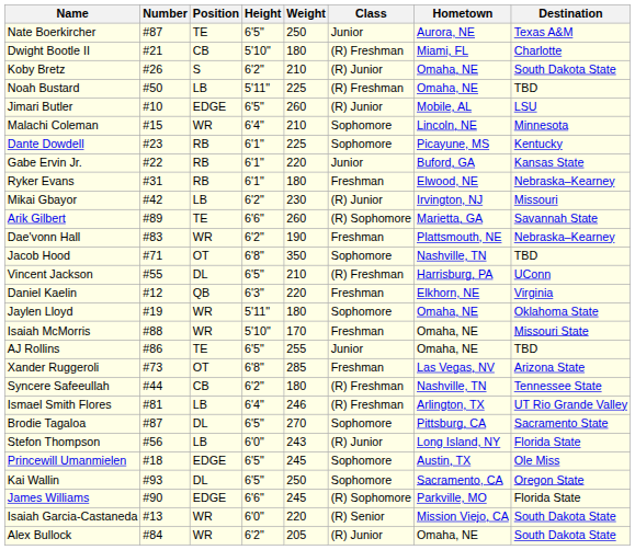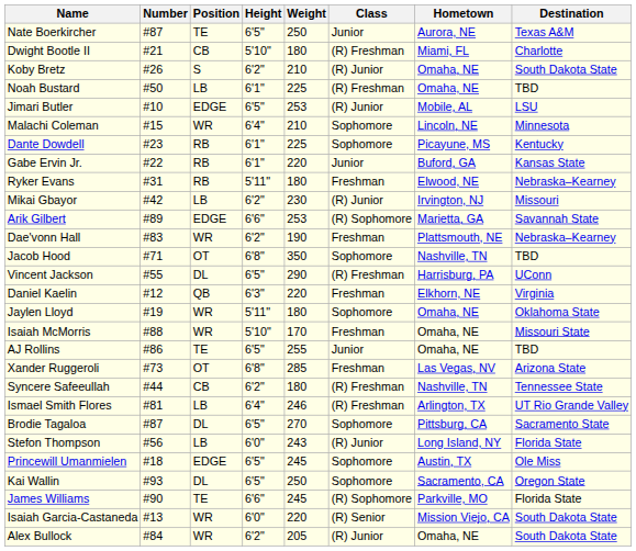 <table class="wikitable sortable">
 <tr>
 <th>Name</th>
 <th>Number</th>
 <th>Position</th>
 <th>Height</th>
 <th>Weight</th>
 <th>Class</th>
 <th>Hometown</th>
 <th>Destination</th>
 </tr>
 <tr style="background:#FFFFE6;">
 <td>Nate Boerkircher</td>
 <td>#87</td>
 <td>TE</td>
 <td>6'5"</td>
 <td>250</td>
 <td>Junior</td>
 <td><a href='#'>Aurora, NE</a></td>
 <td><a href='#'>Texas A&M</a></td>
 </tr>
 <tr style="background:#FFFFE6;">
 <td>Dwight Bootle II</td>
 <td>#21</td>
 <td>CB</td>
 <td>5'10"</td>
 <td>180</td>
 <td>(R) Freshman</td>
 <td><a href='#'>Miami, FL</a></td>
 <td><a href='#'>Charlotte</a></td>
 </tr>
 <tr style="background:#FFFFE6;">
 <td>Koby Bretz</td>
 <td>#26</td>
 <td>S</td>
 <td>6'2"</td>
 <td>210</td>
 <td>(R) Junior</td>
 <td><a href='#'>Omaha, NE</a></td>
 <td><a href='#'>South Dakota State</a></td>
 </tr>
 <tr style="background:#FFFFE6;">
 <td>Noah Bustard</td>
 <td>#50</td>
 <td>LB</td>
-<td>5'11"</td>
+<td>6'1"</td>
 <td>225</td>
 <td>(R) Freshman</td>
 <td><a href='#'>Omaha, NE</a></td>
 <td>TBD</td>
 </tr>
 <tr style="background:#FFFFE6;">
 <td>Jimari Butler</td>
 <td>#10</td>
 <td>EDGE</td>
 <td>6'5"</td>
-<td>260</td>
+<td>253</td>
 <td>(R) Junior</td>
 <td><a href='#'>Mobile, AL</a></td>
 <td><a href='#'>LSU</a></td>
 </tr>
 <tr style="background:#FFFFE6;">
 <td>Malachi Coleman</td>
 <td>#15</td>
 <td>WR</td>
 <td>6'4"</td>
 <td>210</td>
 <td>Sophomore</td>
 <td><a href='#'>Lincoln, NE</a></td>
 <td><a href='#'>Minnesota</a></td>
 </tr>
 <tr style="background:#FFFFE6;">
 <td><a href='#'>Dante Dowdell</a></td>
 <td>#23</td>
 <td>RB</td>
 <td>6'1"</td>
 <td>225</td>
 <td>Sophomore</td>
 <td><a href='#'>Picayune, MS</a></td>
 <td><a href='#'>Kentucky</a></td>
 </tr>
 <tr style="background:#FFFFE6;">
 <td>Gabe Ervin Jr.</td>
 <td>#22</td>
 <td>RB</td>
 <td>6'1"</td>
 <td>220</td>
 <td>Junior</td>
 <td><a href='#'>Buford, GA</a></td>
 <td><a href='#'>Kansas State</a></td>
 </tr>
 <tr style="background:#FFFFE6;">
 <td>Ryker Evans</td>
 <td>#31</td>
 <td>RB</td>
-<td>6'1"</td>
+<td>5'11"</td>
 <td>180</td>
 <td>Freshman</td>
 <td><a href='#'>Elwood, NE</a></td>
 <td><a href='#'>Nebraska–Kearney</a></td>
 </tr>
 <tr style="background:#FFFFE6;">
 <td>Mikai Gbayor</td>
 <td>#42</td>
 <td>LB</td>
 <td>6'2"</td>
 <td>230</td>
 <td>(R) Junior</td>
 <td><a href='#'>Irvington, NJ</a></td>
 <td><a href='#'>Missouri</a></td>
 </tr>
 <tr style="background:#FFFFE6;">
 <td><a href='#'>Arik Gilbert</a></td>
 <td>#89</td>
-<td>TE</td>
+<td>EDGE</td>
 <td>6'6"</td>
-<td>260</td>
+<td>253</td>
 <td>(R) Sophomore</td>
 <td><a href='#'>Marietta, GA</a></td>
 <td><a href='#'>Savannah State</a></td>
 </tr>
 <tr style="background:#FFFFE6;">
 <td>Dae'vonn Hall</td>
 <td>#83</td>
 <td>WR</td>
 <td>6'2"</td>
 <td>190</td>
 <td>Freshman</td>
 <td><a href='#'>Plattsmouth, NE</a></td>
 <td><a href='#'>Nebraska–Kearney</a></td>
 </tr>
 <tr style="background:#FFFFE6;">
 <td>Jacob Hood</td>
 <td>#71</td>
 <td>OT</td>
 <td>6'8"</td>
 <td>350</td>
 <td>Sophomore</td>
 <td><a href='#'>Nashville, TN</a></td>
 <td>TBD</td>
 </tr>
 <tr style="background:#FFFFE6;">
 <td>Vincent Jackson</td>
 <td>#55</td>
 <td>DL</td>
 <td>6'5"</td>
-<td>210</td>
+<td>290</td>
 <td>(R) Freshman</td>
 <td><a href='#'>Harrisburg, PA</a></td>
 <td><a href='#'>UConn</a></td>
 </tr>
 <tr style="background:#FFFFE6;">
 <td>Daniel Kaelin</td>
 <td>#12</td>
 <td>QB</td>
 <td>6'3"</td>
 <td>220</td>
 <td>Freshman</td>
 <td><a href='#'>Elkhorn, NE</a></td>
 <td><a href='#'>Virginia</a></td>
 </tr>
 <tr style="background:#FFFFE6;">
 <td>Jaylen Lloyd</td>
 <td>#19</td>
 <td>WR</td>
 <td>5'11"</td>
 <td>180</td>
 <td>Sophomore</td>
 <td><a href='#'>Omaha, NE</a></td>
 <td><a href='#'>Oklahoma State</a></td>
 </tr>
 <tr style="background:#FFFFE6;">
 <td>Isaiah McMorris</td>
 <td>#88</td>
 <td>WR</td>
 <td>5'10"</td>
 <td>170</td>
 <td>Freshman</td>
 <td>Omaha, NE</td>
 <td><a href='#'>Missouri State</a></td>
 </tr>
 <tr style="background:#FFFFE6;">
 <td>AJ Rollins</td>
 <td>#86</td>
 <td>TE</td>
 <td>6'5"</td>
 <td>255</td>
 <td>Junior</td>
 <td>Omaha, NE</td>
 <td>TBD</td>
 </tr>
 <tr style="background:#FFFFE6;">
 <td>Xander Ruggeroli</td>
 <td>#73</td>
 <td>OT</td>
 <td>6'8"</td>
 <td>285</td>
 <td>Freshman</td>
 <td><a href='#'>Las Vegas, NV</a></td>
 <td><a href='#'>Arizona State</a></td>
 </tr>
 <tr style="background:#FFFFE6;">
 <td>Syncere Safeeullah</td>
 <td>#44</td>
 <td>CB</td>
 <td>6'2"</td>
 <td>180</td>
 <td>(R) Freshman</td>
 <td><a href='#'>Nashville, TN</a></td>
 <td><a href='#'>Tennessee State</a></td>
 </tr>
 <tr style="background:#FFFFE6;">
 <td>Ismael Smith Flores</td>
 <td>#81</td>
 <td>LB</td>
 <td>6'4"</td>
 <td>246</td>
 <td>(R) Freshman</td>
 <td><a href='#'>Arlington, TX</a></td>
 <td><a href='#'>UT Rio Grande Valley</a></td>
 </tr>
 <tr style="background:#FFFFE6;">
 <td>Brodie Tagaloa</td>
 <td>#87</td>
 <td>DL</td>
 <td>6'5"</td>
 <td>270</td>
 <td>Sophomore</td>
 <td><a href='#'>Pittsburg, CA</a></td>
 <td><a href='#'>Sacramento State</a></td>
 </tr>
 <tr style="background:#FFFFE6;">
 <td>Stefon Thompson</td>
 <td>#56</td>
 <td>LB</td>
 <td>6'0"</td>
 <td>243</td>
 <td>(R) Junior</td>
 <td><a href='#'>Long Island, NY</a></td>
 <td><a href='#'>Florida State</a></td>
 </tr>
 <tr style="background:#FFFFE6;">
 <td><a href='#'>Princewill Umanmielen</a></td>
 <td>#18</td>
 <td>EDGE</td>
 <td>6'5"</td>
 <td>245</td>
 <td>Sophomore</td>
 <td><a href='#'>Austin, TX</a></td>
 <td><a href='#'>Ole Miss</a></td>
 </tr>
 <tr style="background:#FFFFE6;">
 <td>Kai Wallin</td>
 <td>#93</td>
 <td>DL</td>
 <td>6'5"</td>
 <td>250</td>
 <td>Sophomore</td>
 <td><a href='#'>Sacramento, CA</a></td>
 <td><a href='#'>Oregon State</a></td>
 </tr>
 <tr style="background:#FFFFE6;">
 <td><a href='#'>James Williams</a></td>
 <td>#90</td>
-<td>EDGE</td>
+<td>TE</td>
 <td>6'6"</td>
 <td>245</td>
 <td>(R) Sophomore</td>
 <td><a href='#'>Parkville, MO</a></td>
 <td>Florida State</td>
 </tr>
 <tr style="background:#FFFFE6;">
 <td>Isaiah Garcia-Castaneda</td>
 <td>#13</td>
 <td>WR</td>
 <td>6'0"</td>
 <td>220</td>
 <td>(R) Senior</td>
 <td><a href='#'>Mission Viejo, CA</a></td>
 <td><a href='#'>South Dakota State</a></td>
 </tr>
 <tr style="background:#FFFFE6;">
 <td>Alex Bullock</td>
 <td>#84</td>
 <td>WR</td>
 <td>6'2"</td>
 <td>205</td>
 <td>(R) Junior</td>
 <td>Omaha, NE</td>
 <td><a href='#'>South Dakota State</a></td>
 </tr>
 </table>
